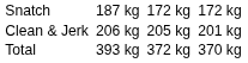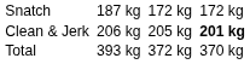 <table>
 <tr>
 <td>Snatch</td>
 <td></td>
 <td>187 kg</td>
 <td></td>
 <td>172 kg</td>
 <td></td>
 <td>172 kg</td>
 </tr>
 <tr>
 <td>Clean & Jerk</td>
 <td></td>
 <td>206 kg</td>
 <td></td>
 <td>205 kg</td>
 <td></td>
-<td>201 kg</td>
+<td><strong>201 kg</strong></td>
 </tr>
 <tr>
 <td>Total</td>
 <td></td>
 <td>393 kg</td>
 <td></td>
 <td>372 kg</td>
 <td></td>
 <td>370 kg</td>
 </tr>
 </table>
